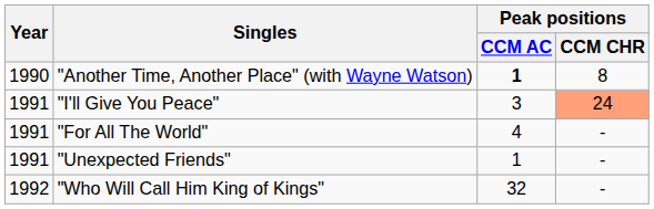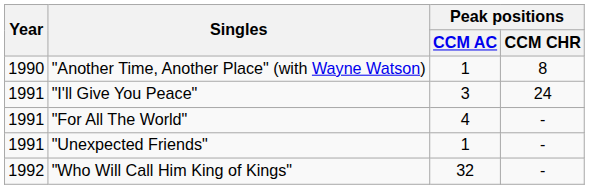 <table class="wikitable">
 <tr>
 <th rowspan="2">Year</th>
 <th rowspan="2">Singles</th>
 <th colspan="2">Peak positions</th>
 </tr>
 <tr>
 <th><a href='#'>CCM AC</a><br></th>
 <th>CCM CHR<br></th>
 </tr>
 <tr>
 <td>1990</td>
 <td>"Another Time, Another Place" (with <a href='#'>Wayne Watson</a>)</td>
-<td align="center"><strong>1</strong></td>
+<td align="center">1</td>
 <td align="center">8</td>
 </tr>
 <tr>
 <td>1991</td>
 <td>"I'll Give You Peace"</td>
 <td align="center">3</td>
-<td align="center" style="background: lightsalmon;">24</td>
+<td align="center">24</td>
 </tr>
 <tr>
 <td>1991</td>
 <td>"For All The World"</td>
 <td align="center">4</td>
 <td align="center">-</td>
 </tr>
 <tr>
 <td>1991</td>
 <td>"Unexpected Friends"</td>
 <td align="center">1</td>
 <td align="center">-</td>
 </tr>
 <tr>
 <td>1992</td>
 <td>"Who Will Call Him King of Kings"</td>
 <td align="center">32</td>
 <td align="center">-</td>
 </tr>
 </table>
